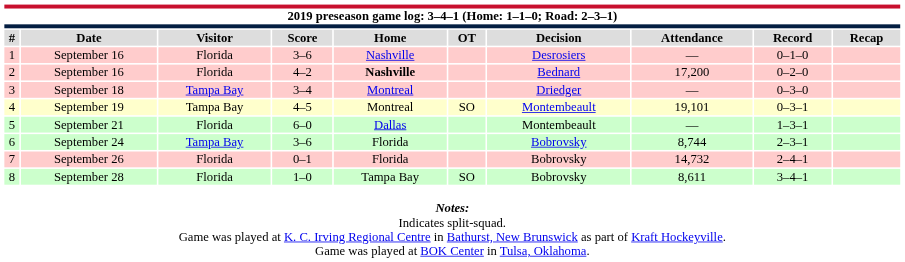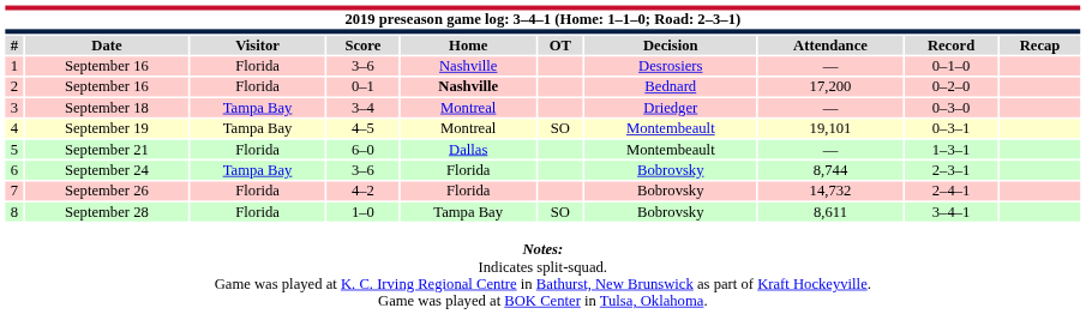 <table class="toccolours collapsible collapsed" style="width:90%; clear:both; margin:1.5em auto; text-align:center;">
 <tr>
 <th colspan="10" style="background:#FFFFFF; border-top:#C8102E 5px solid; border-bottom:#041E42 5px solid;">2019 preseason game log: 3–4–1 (Home: 1–1–0; Road: 2–3–1)</th>
 </tr>
 <tr style="background:#ddd;">
 <th>#</th>
 <th>Date</th>
 <th>Visitor</th>
 <th>Score</th>
 <th>Home</th>
 <th>OT</th>
 <th>Decision</th>
 <th>Attendance</th>
 <th>Record</th>
 <th>Recap</th>
 </tr>
 <tr style="background:#fcc;">
 <td>1</td>
 <td>September 16</td>
 <td>Florida</td>
 <td>3–6</td>
 <td><a href='#'>Nashville</a></td>
 <td></td>
 <td><a href='#'>Desrosiers</a></td>
 <td>—</td>
 <td>0–1–0</td>
 <td></td>
 </tr>
 <tr style="background:#fcc;">
 <td>2</td>
 <td>September 16</td>
 <td>Florida</td>
-<td>4–2</td>
+<td>0–1</td>
 <td><strong>Nashville</strong></td>
 <td></td>
 <td><a href='#'>Bednard</a></td>
 <td>17,200</td>
 <td>0–2–0</td>
 <td></td>
 </tr>
 <tr style="background:#fcc;">
 <td>3</td>
 <td>September 18</td>
 <td><a href='#'>Tampa Bay</a></td>
 <td>3–4</td>
 <td><a href='#'>Montreal</a></td>
 <td></td>
 <td><a href='#'>Driedger</a></td>
 <td>—</td>
 <td>0–3–0</td>
 <td></td>
 </tr>
 <tr style="background:#ffc;">
 <td>4</td>
 <td>September 19</td>
 <td>Tampa Bay</td>
 <td>4–5</td>
 <td>Montreal</td>
 <td>SO</td>
 <td><a href='#'>Montembeault</a></td>
 <td>19,101</td>
 <td>0–3–1</td>
 <td></td>
 </tr>
 <tr style="background:#cfc;">
 <td>5</td>
 <td>September 21</td>
 <td>Florida</td>
 <td>6–0</td>
 <td><a href='#'>Dallas</a></td>
 <td></td>
 <td>Montembeault</td>
 <td>—</td>
 <td>1–3–1</td>
 <td></td>
 </tr>
 <tr style="background:#cfc;">
 <td>6</td>
 <td>September 24</td>
 <td><a href='#'>Tampa Bay</a></td>
 <td>3–6</td>
 <td>Florida</td>
 <td></td>
 <td><a href='#'>Bobrovsky</a></td>
 <td>8,744</td>
 <td>2–3–1</td>
 <td></td>
 </tr>
 <tr style="background:#fcc;">
 <td>7</td>
 <td>September 26</td>
 <td>Florida</td>
-<td>0–1</td>
+<td>4–2</td>
 <td>Florida</td>
 <td></td>
 <td>Bobrovsky</td>
 <td>14,732</td>
 <td>2–4–1</td>
 <td></td>
 </tr>
 <tr style="background:#cfc;">
 <td>8</td>
 <td>September 28</td>
 <td>Florida</td>
 <td>1–0</td>
 <td>Tampa Bay</td>
 <td>SO</td>
 <td>Bobrovsky</td>
 <td>8,611</td>
 <td>3–4–1</td>
 <td></td>
 </tr>
 <tr>
 <td colspan="10" style="text-align:center;"><br><strong><em>Notes:</em></strong><br>  Indicates split-squad.<br>  Game was played at <a href='#'>K. C. Irving Regional Centre</a> in <a href='#'>Bathurst, New Brunswick</a> as part of <a href='#'>Kraft Hockeyville</a>.<br>  Game was played at <a href='#'>BOK Center</a> in <a href='#'>Tulsa, Oklahoma</a>.</td>
 </tr>
 </table>
